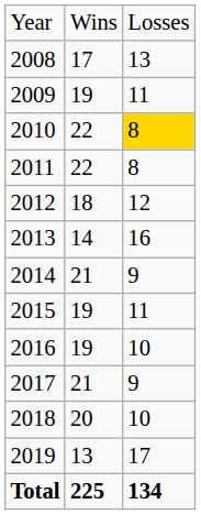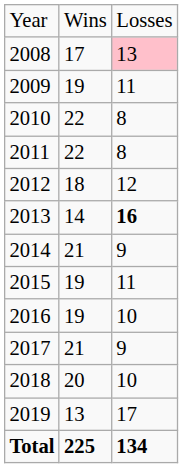 <table class="wikitable">
 <tr>
 <td>Year</td>
 <td>Wins</td>
 <td>Losses</td>
 </tr>
 <tr>
 <td>2008</td>
 <td>17</td>
-<td>13</td>
+<td style="background: pink;">13</td>
 </tr>
 <tr>
 <td>2009</td>
 <td>19</td>
 <td>11</td>
 </tr>
 <tr>
 <td>2010</td>
 <td>22</td>
-<td style="background: gold;">8</td>
+<td>8</td>
 </tr>
 <tr>
 <td>2011</td>
 <td>22</td>
 <td>8</td>
 </tr>
 <tr>
 <td>2012</td>
 <td>18</td>
 <td>12</td>
 </tr>
 <tr>
 <td>2013</td>
 <td>14</td>
-<td>16</td>
+<td><strong>16</strong></td>
 </tr>
 <tr>
 <td>2014</td>
 <td>21</td>
 <td>9</td>
 </tr>
 <tr>
 <td>2015</td>
 <td>19</td>
 <td>11</td>
 </tr>
 <tr>
 <td>2016</td>
 <td>19</td>
 <td>10</td>
 </tr>
 <tr>
 <td>2017</td>
 <td>21</td>
 <td>9</td>
 </tr>
 <tr>
 <td>2018</td>
 <td>20</td>
 <td>10</td>
 </tr>
 <tr>
 <td>2019</td>
 <td>13</td>
 <td>17</td>
 </tr>
 <tr>
 <td><strong>Total</strong></td>
 <td><strong>225</strong></td>
 <td><strong>134</strong></td>
 </tr>
 </table>
